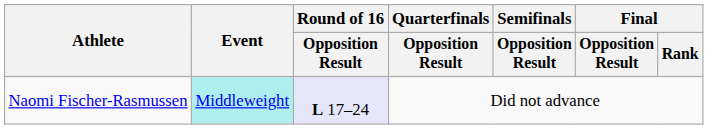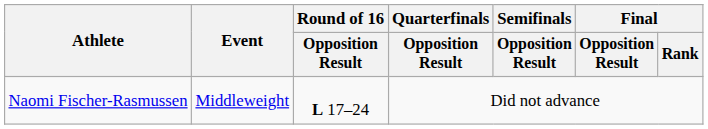 <table class="wikitable" style="font-size:90%">
 <tr>
 <th rowspan=2>Athlete</th>
 <th rowspan=2>Event</th>
 <th>Round of 16</th>
 <th>Quarterfinals</th>
 <th>Semifinals</th>
 <th colspan=2>Final</th>
 </tr>
 <tr style="font-size:95%">
 <th>Opposition<br>Result</th>
 <th>Opposition<br>Result</th>
 <th>Opposition<br>Result</th>
 <th>Opposition<br>Result</th>
 <th>Rank</th>
 </tr>
 <tr align=center>
 <td align=left><a href='#'>Naomi Fischer-Rasmussen</a></td>
-<td align=left style="background: paleturquoise;"><a href='#'>Middleweight</a></td>
-<td style="background: lavender;"> <br> <strong>L</strong> 17–24</td>
+<td align=left><a href='#'>Middleweight</a></td>
+<td> <br> <strong>L</strong> 17–24</td>
 <td colspan=4>Did not advance</td>
 </tr>
 </table>
